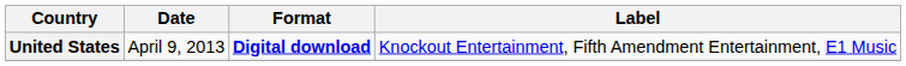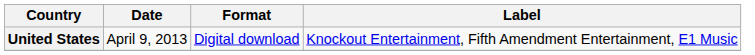 <table class="wikitable plainrowheaders">
 <tr>
 <th scope="col">Country</th>
 <th scope="col">Date</th>
 <th scope="col">Format</th>
 <th scope="col">Label</th>
 </tr>
 <tr>
 <th scope="row">United States</th>
 <td>April 9, 2013</td>
-<td><strong><a href='#'>Digital download</a></strong></td>
+<td><a href='#'>Digital download</a></td>
 <td><a href='#'>Knockout Entertainment</a>, Fifth Amendment Entertainment, <a href='#'>E1 Music</a></td>
 </tr>
 <tr>
 </tr>
 </table>
